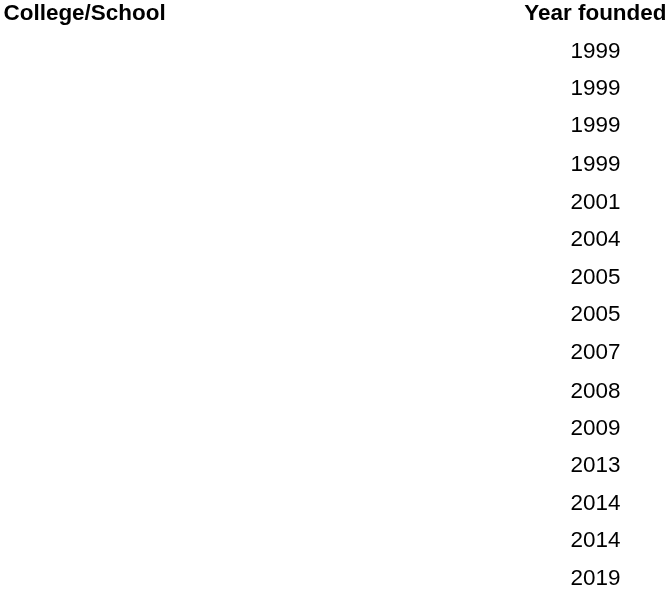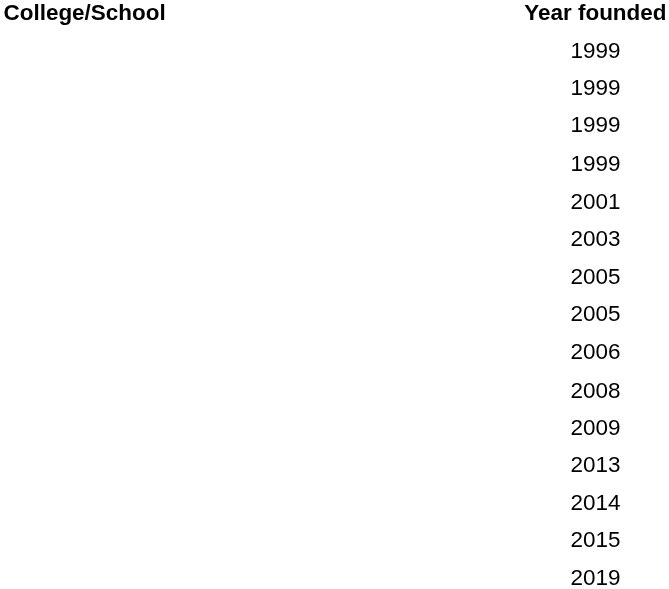 <table class="toccolours" style="float:right; margin-left:1em; font-size:90%; line-height:1.4em; width:500px;">
 <tr>
 <td><strong>College/School</strong></td>
 <td style="text-align: center;"><strong>Year founded</strong></td>
 </tr>
 <tr>
 <td></td>
 <td style="text-align: center;">1999</td>
 </tr>
 <tr>
 <td></td>
 <td style="text-align: center;">1999</td>
 </tr>
 <tr>
 <td></td>
 <td style="text-align: center;">1999</td>
 </tr>
 <tr>
 <td></td>
 <td style="text-align: center;">1999</td>
 </tr>
 <tr>
 <td></td>
 <td style="text-align: center;">2001</td>
 </tr>
 <tr>
 <td></td>
-<td style="text-align: center;">2004</td>
+<td style="text-align: center;">2003</td>
 </tr>
 <tr>
 <td></td>
 <td style="text-align: center;">2005</td>
 </tr>
 <tr>
 <td></td>
 <td style="text-align: center;">2005</td>
 </tr>
 <tr>
 <td></td>
-<td style="text-align: center;">2007</td>
+<td style="text-align: center;">2006</td>
 </tr>
 <tr>
 <td></td>
 <td style="text-align: center;">2008</td>
 </tr>
 <tr>
 <td></td>
 <td style="text-align: center;">2009</td>
 </tr>
 <tr>
 <td></td>
 <td style="text-align: center;">2013</td>
 </tr>
 <tr>
 <td></td>
 <td style="text-align: center;">2014</td>
 </tr>
 <tr>
 <td></td>
-<td style="text-align: center;">2014</td>
+<td style="text-align: center;">2015</td>
 </tr>
 <tr>
 <td></td>
 <td style="text-align: center;">2019</td>
 </tr>
 <tr>
 </tr>
 </table>
